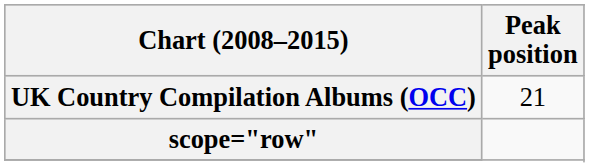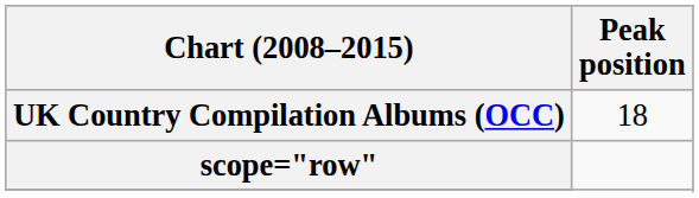 <table class="wikitable sortable plainrowheaders">
 <tr>
 <th>Chart (2008–2015)</th>
 <th>Peak<br>position</th>
 </tr>
 <tr>
 <th scope="row">UK Country Compilation Albums (<a href='#'>OCC</a>)</th>
-<td style="text-align:center;">21</td>
+<td style="text-align:center;">18</td>
 </tr>
 <tr>
 <th>scope="row" </th>
 </tr>
 <tr>
 </tr>
 </table>
